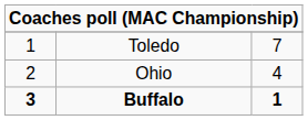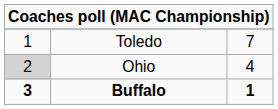 <table class="wikitable">
 <tr align="center">
 <td align="center" Colspan="3"><strong>Coaches poll (MAC Championship)</strong></td>
 </tr>
 <tr align="center">
 </tr>
 <tr align="center">
 <td>1</td>
 <td>Toledo</td>
 <td>7</td>
 </tr>
 <tr align="center">
-<td>2</td>
+<td style="background: lightgrey;">2</td>
 <td>Ohio</td>
 <td>4</td>
 </tr>
 <tr align="center">
 <td><strong>3</strong></td>
 <td><strong>Buffalo</strong></td>
 <td><strong>1</strong></td>
 </tr>
 </table>
